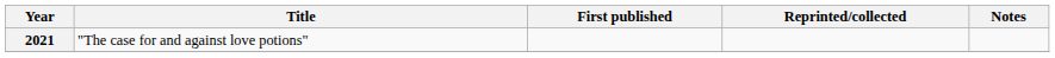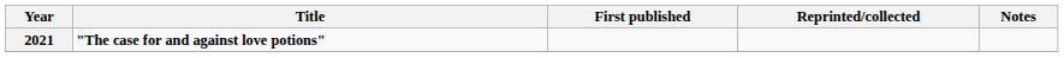 <table class='wikitable sortable' width='90%'>
 <tr>
 <th>Year</th>
 <th>Title</th>
 <th>First published</th>
 <th>Reprinted/collected</th>
 <th>Notes</th>
 </tr>
 <tr>
 <th>2021</th>
-<td>"The case for and against love potions"</td>
+<td><strong>"The case for and against love potions"</strong></td>
 <td></td>
 <td></td>
 <td></td>
 </tr>
 <tr>
 </tr>
 </table>
